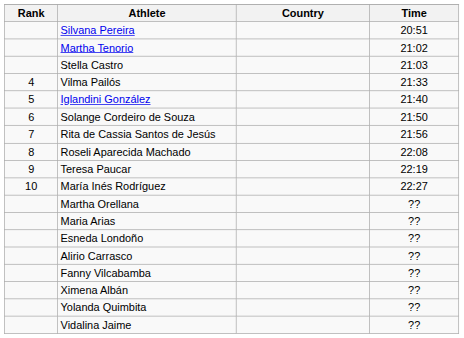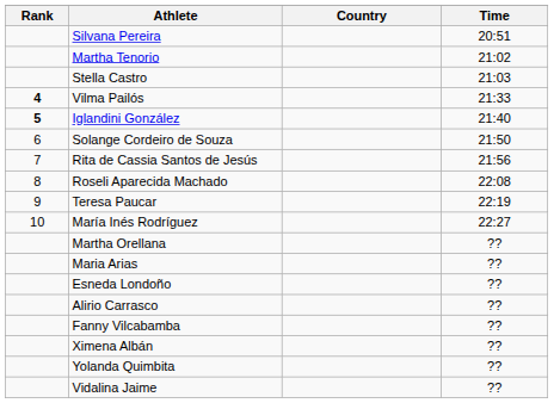 <table class="wikitable sortable" style=" text-align:center; font-size:95%;" width="50%">
 <tr>
 </tr>
 <tr>
 <th width=5%>Rank</th>
 <th width=20%>Athlete</th>
 <th width=15%>Country</th>
 <th width=10%>Time</th>
 </tr>
 <tr>
 <td align=center></td>
 <td align=left><a href='#'>Silvana Pereira</a></td>
 <td align=left></td>
 <td>20:51</td>
 </tr>
 <tr>
 <td align=center></td>
 <td align=left><a href='#'>Martha Tenorio</a></td>
 <td align=left></td>
 <td>21:02</td>
 </tr>
 <tr>
 <td align=center></td>
 <td align=left>Stella Castro</td>
 <td align=left></td>
 <td>21:03</td>
 </tr>
 <tr>
-<td align=center>4</td>
+<td align=center><strong>4</strong></td>
 <td align=left>Vilma Pailós</td>
 <td align=left></td>
 <td>21:33</td>
 </tr>
 <tr>
-<td align=center>5</td>
+<td align=center><strong>5</strong></td>
 <td align=left><a href='#'>Iglandini González</a></td>
 <td align=left></td>
 <td>21:40</td>
 </tr>
 <tr>
 <td align=center>6</td>
 <td align=left>Solange Cordeiro de Souza</td>
 <td align=left></td>
 <td>21:50</td>
 </tr>
 <tr>
 <td align=center>7</td>
 <td align=left>Rita de Cassia Santos de Jesús</td>
 <td align=left></td>
 <td>21:56</td>
 </tr>
 <tr>
 <td align=center>8</td>
 <td align=left>Roseli Aparecida Machado</td>
 <td align=left></td>
 <td>22:08</td>
 </tr>
 <tr>
 <td align=center>9</td>
 <td align=left>Teresa Paucar</td>
 <td align=left></td>
 <td>22:19</td>
 </tr>
 <tr>
 <td align=center>10</td>
 <td align=left>María Inés Rodríguez</td>
 <td align=left></td>
 <td>22:27</td>
 </tr>
 <tr>
 <td align=center></td>
 <td align=left>Martha Orellana</td>
 <td align=left></td>
 <td>??</td>
 </tr>
 <tr>
 <td align=center></td>
 <td align=left>Maria Arias</td>
 <td align=left></td>
 <td>??</td>
 </tr>
 <tr>
 <td align=center></td>
 <td align=left>Esneda Londoño</td>
 <td align=left></td>
 <td>??</td>
 </tr>
 <tr>
 <td align=center></td>
 <td align=left>Alirio Carrasco</td>
 <td align=left></td>
 <td>??</td>
 </tr>
 <tr>
 <td align=center></td>
 <td align=left>Fanny Vilcabamba</td>
 <td align=left></td>
 <td>??</td>
 </tr>
 <tr>
 <td align=center></td>
 <td align=left>Ximena Albán</td>
 <td align=left></td>
 <td>??</td>
 </tr>
 <tr>
 <td align=center></td>
 <td align=left>Yolanda Quimbita</td>
 <td align=left></td>
 <td>??</td>
 </tr>
 <tr>
 <td align=center></td>
 <td align=left>Vidalina Jaime</td>
 <td align=left></td>
 <td>??</td>
 </tr>
 </table>
